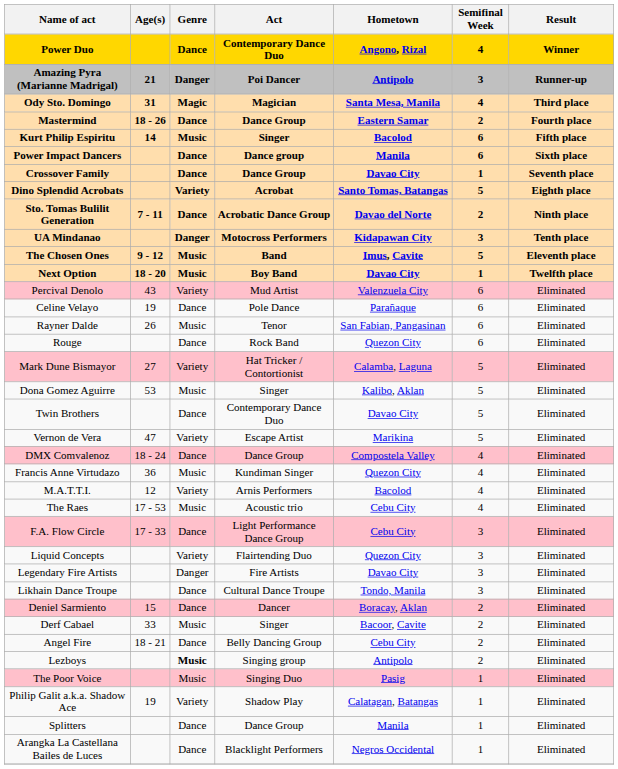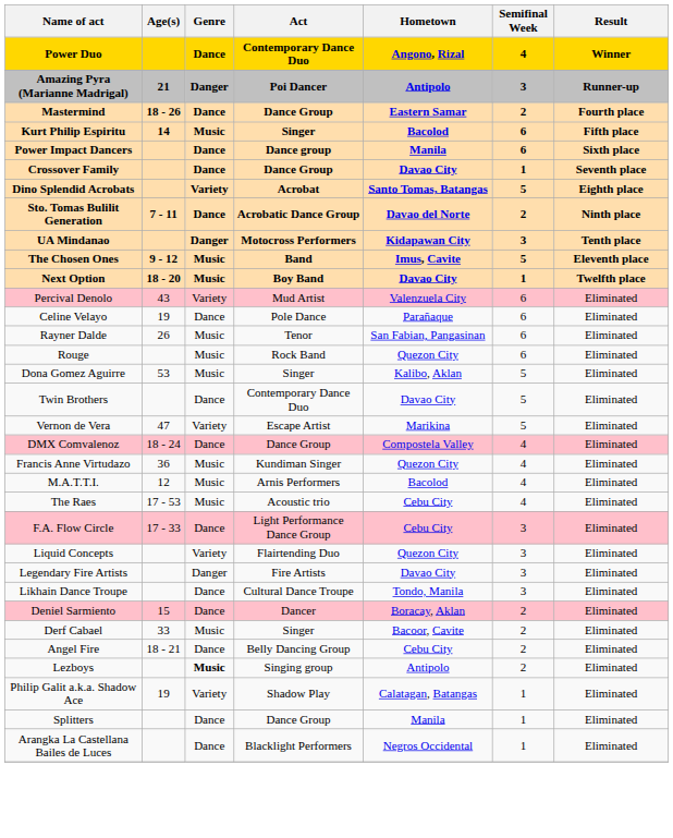 <table class="wikitable sortable" style="width:100%; text-align:center;">
 <tr>
 <th style="width:18%;">Name of act</th>
 <th data-sort-type="number" style="width:05%">Age(s)</th>
 <th style="width:05%">Genre</th>
 <th style="width:17%">Act</th>
 <th style="width:17%">Hometown</th>
 <th style="width:07%">Semifinal Week</th>
 <th style="width:15%">Result</th>
 </tr>
 <tr bgcolor=gold>
 <td><strong>Power Duo</strong> </td>
 <td></td>
 <td><strong>Dance</strong></td>
 <td><strong>Contemporary Dance Duo</strong></td>
 <td><strong><a href='#'>Angono</a>, <a href='#'>Rizal</a></strong></td>
 <td><strong>4</strong></td>
 <td><strong>Winner</strong></td>
 </tr>
 <tr bgcolor=silver>
 <td><strong>Amazing Pyra<br>(Marianne Madrigal)</strong></td>
 <td><strong>21</strong></td>
 <td><strong>Danger</strong></td>
 <td><strong>Poi Dancer</strong></td>
 <td><strong><a href='#'>Antipolo</a></strong></td>
 <td><strong>3</strong></td>
 <td><strong>Runner-up</strong></td>
-</tr>
-<tr bgcolor="NavajoWhite">
-<td><strong>Ody Sto. Domingo</strong></td>
-<td><strong>31</strong></td>
-<td><strong>Magic</strong></td>
-<td><strong>Magician</strong></td>
-<td><strong><a href='#'>Santa Mesa, Manila</a></strong></td>
-<td><strong>4</strong></td>
-<td><strong>Third place</strong></td>
 </tr>
 <tr bgcolor="NavajoWhite">
 <td><strong>Mastermind</strong></td>
 <td><strong>18 - 26</strong></td>
 <td><strong>Dance</strong></td>
 <td><strong>Dance Group</strong></td>
 <td><strong><a href='#'>Eastern Samar</a></strong></td>
 <td><strong>2</strong></td>
 <td><strong>Fourth place</strong></td>
 </tr>
 <tr bgcolor="NavajoWhite">
 <td><strong>Kurt Philip Espiritu</strong></td>
 <td><strong>14</strong></td>
 <td><strong>Music</strong></td>
 <td><strong>Singer</strong></td>
 <td><strong><a href='#'>Bacolod</a></strong></td>
 <td><strong>6</strong></td>
 <td><strong>Fifth place</strong></td>
 </tr>
 <tr bgcolor="NavajoWhite">
 <td><strong>Power Impact Dancers</strong> </td>
 <td></td>
 <td><strong>Dance</strong></td>
 <td><strong>Dance group</strong></td>
 <td><strong><a href='#'>Manila</a></strong></td>
 <td><strong>6</strong></td>
 <td><strong>Sixth place</strong></td>
 </tr>
 <tr bgcolor="NavajoWhite">
 <td><strong>Crossover Family</strong></td>
 <td></td>
 <td><strong>Dance</strong></td>
 <td><strong>Dance Group</strong></td>
 <td><strong><a href='#'>Davao City</a></strong></td>
 <td><strong>1</strong></td>
 <td><strong>Seventh place</strong></td>
 </tr>
 <tr bgcolor="NavajoWhite">
 <td><strong>Dino Splendid Acrobats</strong></td>
 <td></td>
 <td><strong>Variety</strong></td>
 <td><strong>Acrobat</strong></td>
 <td><strong><a href='#'>Santo Tomas, Batangas</a></strong></td>
 <td><strong>5</strong></td>
 <td><strong>Eighth place</strong></td>
 </tr>
 <tr bgcolor="NavajoWhite">
 <td><strong>Sto. Tomas Bulilit Generation</strong></td>
 <td><strong>7 - 11</strong></td>
 <td><strong>Dance</strong></td>
 <td><strong>Acrobatic Dance Group</strong></td>
 <td><strong><a href='#'>Davao del Norte</a></strong></td>
 <td><strong>2</strong></td>
 <td><strong>Ninth place</strong></td>
 </tr>
 <tr bgcolor="NavajoWhite">
 <td><strong>UA Mindanao</strong></td>
 <td></td>
 <td><strong>Danger</strong></td>
 <td><strong>Motocross Performers</strong></td>
 <td><strong><a href='#'>Kidapawan City</a></strong></td>
 <td><strong>3</strong></td>
 <td><strong>Tenth place</strong></td>
 </tr>
 <tr bgcolor="NavajoWhite">
 <td><strong>The Chosen Ones</strong></td>
 <td><strong>9 - 12</strong></td>
 <td><strong>Music</strong></td>
 <td><strong>Band </strong></td>
 <td><strong><a href='#'>Imus</a>, <a href='#'>Cavite</a></strong></td>
 <td><strong>5</strong></td>
 <td><strong>Eleventh place</strong></td>
 </tr>
 <tr bgcolor="NavajoWhite">
 <td><strong>Next Option</strong></td>
 <td><strong>18 - 20</strong></td>
 <td><strong>Music</strong></td>
 <td><strong>Boy Band</strong></td>
 <td><strong><a href='#'>Davao City</a></strong></td>
 <td><strong>1</strong></td>
 <td><strong>Twelfth place</strong></td>
 </tr>
 <tr bgcolor=pink>
 <td>Percival Denolo</td>
 <td>43</td>
 <td>Variety</td>
 <td>Mud Artist</td>
 <td><a href='#'>Valenzuela City</a></td>
 <td>6</td>
 <td>Eliminated</td>
 </tr>
 <tr>
 <td>Celine Velayo</td>
 <td>19</td>
 <td>Dance</td>
 <td>Pole Dance</td>
 <td><a href='#'>Parañaque</a></td>
 <td>6</td>
 <td>Eliminated</td>
 </tr>
 <tr>
 <td>Rayner Dalde</td>
 <td>26</td>
 <td>Music</td>
 <td>Tenor</td>
 <td><a href='#'>San Fabian, Pangasinan</a></td>
 <td>6</td>
 <td>Eliminated</td>
 </tr>
 <tr>
 <td>Rouge</td>
 <td></td>
-<td>Dance</td>
+<td>Music</td>
 <td>Rock Band</td>
 <td><a href='#'>Quezon City</a></td>
 <td>6</td>
-<td>Eliminated</td>
-</tr>
-<tr bgcolor=pink>
-<td>Mark Dune Bismayor </td>
-<td>27</td>
-<td>Variety</td>
-<td>Hat Tricker / Contortionist</td>
-<td><a href='#'>Calamba</a>, <a href='#'>Laguna</a></td>
-<td>5</td>
 <td>Eliminated</td>
 </tr>
 <tr>
 <td>Dona Gomez Aguirre</td>
 <td>53</td>
 <td>Music</td>
 <td>Singer</td>
 <td><a href='#'>Kalibo</a>, <a href='#'>Aklan</a></td>
 <td>5</td>
 <td>Eliminated</td>
 </tr>
 <tr>
 <td>Twin Brothers</td>
 <td></td>
 <td>Dance</td>
 <td>Contemporary Dance Duo</td>
 <td><a href='#'>Davao City</a></td>
 <td>5</td>
 <td>Eliminated</td>
 </tr>
 <tr>
 <td>Vernon de Vera</td>
 <td>47</td>
 <td>Variety</td>
 <td>Escape Artist</td>
 <td><a href='#'>Marikina</a></td>
 <td>5</td>
 <td>Eliminated</td>
 </tr>
 <tr bgcolor=pink>
 <td>DMX Comvalenoz</td>
 <td>18 - 24</td>
 <td>Dance</td>
 <td>Dance Group</td>
 <td><a href='#'>Compostela Valley</a></td>
 <td>4</td>
 <td>Eliminated</td>
 </tr>
 <tr>
 <td>Francis Anne Virtudazo</td>
 <td>36</td>
 <td>Music</td>
 <td>Kundiman Singer</td>
 <td><a href='#'>Quezon City</a></td>
 <td>4</td>
 <td>Eliminated</td>
 </tr>
 <tr>
 <td>M.A.T.T.I.</td>
 <td>12</td>
-<td>Variety</td>
+<td>Music</td>
 <td>Arnis Performers</td>
 <td><a href='#'>Bacolod</a></td>
 <td>4</td>
 <td>Eliminated</td>
 </tr>
 <tr>
 <td>The Raes</td>
 <td>17 - 53</td>
 <td>Music</td>
 <td>Acoustic trio</td>
 <td><a href='#'>Cebu City</a></td>
 <td>4</td>
 <td>Eliminated</td>
 </tr>
 <tr bgcolor=pink>
 <td>F.A. Flow Circle</td>
 <td>17 - 33</td>
 <td>Dance</td>
 <td>Light Performance Dance Group</td>
 <td><a href='#'>Cebu City</a></td>
 <td>3</td>
 <td>Eliminated</td>
 </tr>
 <tr>
 <td>Liquid Concepts </td>
 <td></td>
 <td>Variety</td>
 <td>Flairtending Duo</td>
 <td><a href='#'>Quezon City</a></td>
 <td>3</td>
 <td>Eliminated</td>
 </tr>
 <tr>
 <td>Legendary Fire Artists</td>
 <td></td>
 <td>Danger</td>
 <td>Fire Artists</td>
 <td><a href='#'>Davao City</a></td>
 <td>3</td>
 <td>Eliminated</td>
 </tr>
 <tr>
 <td>Likhain Dance Troupe</td>
 <td></td>
 <td>Dance</td>
 <td>Cultural Dance Troupe</td>
 <td><a href='#'>Tondo, Manila</a></td>
 <td>3</td>
 <td>Eliminated</td>
 </tr>
 <tr bgcolor=pink>
 <td>Deniel Sarmiento</td>
 <td>15</td>
 <td>Dance</td>
 <td>Dancer</td>
 <td><a href='#'>Boracay</a>, <a href='#'>Aklan</a></td>
 <td>2</td>
 <td>Eliminated</td>
 </tr>
 <tr>
 <td>Derf Cabael</td>
 <td>33</td>
 <td>Music</td>
 <td>Singer</td>
 <td><a href='#'>Bacoor</a>, <a href='#'>Cavite</a></td>
 <td>2</td>
 <td>Eliminated</td>
 </tr>
 <tr>
 <td>Angel Fire</td>
 <td>18 - 21</td>
 <td>Dance</td>
 <td>Belly Dancing Group</td>
 <td><a href='#'>Cebu City</a></td>
 <td>2</td>
 <td>Eliminated</td>
 </tr>
 <tr>
 <td>Lezboys</td>
 <td></td>
 <td><strong>Music</strong></td>
 <td>Singing group</td>
 <td><a href='#'>Antipolo</a></td>
 <td>2</td>
 <td>Eliminated</td>
 </tr>
-<tr bgcolor=pink>
-<td>The Poor Voice</td>
-<td></td>
-<td>Music</td>
-<td>Singing Duo</td>
-<td><a href='#'>Pasig</a></td>
-<td>1</td>
-<td>Eliminated</td>
-</tr>
 <tr>
 <td>Philip Galit a.k.a. Shadow Ace</td>
 <td>19</td>
 <td>Variety</td>
 <td>Shadow Play</td>
 <td><a href='#'>Calatagan</a>, <a href='#'>Batangas</a></td>
 <td>1</td>
 <td>Eliminated</td>
 </tr>
 <tr>
 <td>Splitters</td>
 <td></td>
 <td>Dance</td>
 <td>Dance Group</td>
 <td><a href='#'>Manila</a></td>
 <td>1</td>
 <td>Eliminated</td>
 </tr>
 <tr>
 <td>Arangka La Castellana Bailes de Luces</td>
 <td></td>
 <td>Dance</td>
 <td>Blacklight Performers</td>
 <td><a href='#'>Negros Occidental</a></td>
 <td>1</td>
 <td>Eliminated</td>
 </tr>
 <tr>
 </tr>
 </table>
